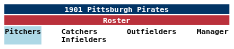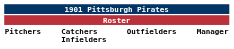 <table class="toccolours" style="font-size: 95%;">
 <tr>
 <th colspan="10" style="background-color: #023465; color: white; text-align: center;">1901 Pittsburgh Pirates</th>
 </tr>
 <tr>
 <td colspan="10" style="background-color: #ba313c; color: white; text-align: center;"><strong>Roster</strong></td>
 </tr>
 <tr>
-<td valign="top" style="background: lightblue;"><strong>Pitchers</strong><br>        </td>
+<td valign="top"><strong>Pitchers</strong><br>        </td>
 <td width="25px"></td>
 <td valign="top"><strong>Catchers</strong><br>    <strong>Infielders</strong>          </td>
 <td width="25px"></td>
 <td valign="top"><strong>Outfielders</strong><br>   </td>
 <td width="25px"></td>
 <td valign="top"><strong>Manager</strong><br></td>
 </tr>
 </table>
